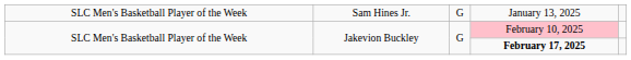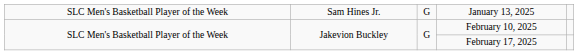 <table class="wikitable" style="width: 60%;text-align: center;">
 <tr align="center">
 <td rowspan="1">SLC Men's Basketball Player of the Week</td>
 <td>Sam Hines Jr.</td>
 <td>G</td>
 <td>January 13, 2025</td>
 <td></td>
 </tr>
 <tr align="center">
 <td rowspan="2">SLC Men's Basketball Player of the Week</td>
 <td rowspan="2">Jakevion Buckley</td>
 <td rowspan="2">G</td>
-<td style="background: pink;">February 10, 2025</td>
+<td>February 10, 2025</td>
 <td></td>
 </tr>
 <tr align="center">
-<td><strong>February 17, 2025</strong></td>
+<td>February 17, 2025</td>
 <td></td>
 </tr>
 </table>
